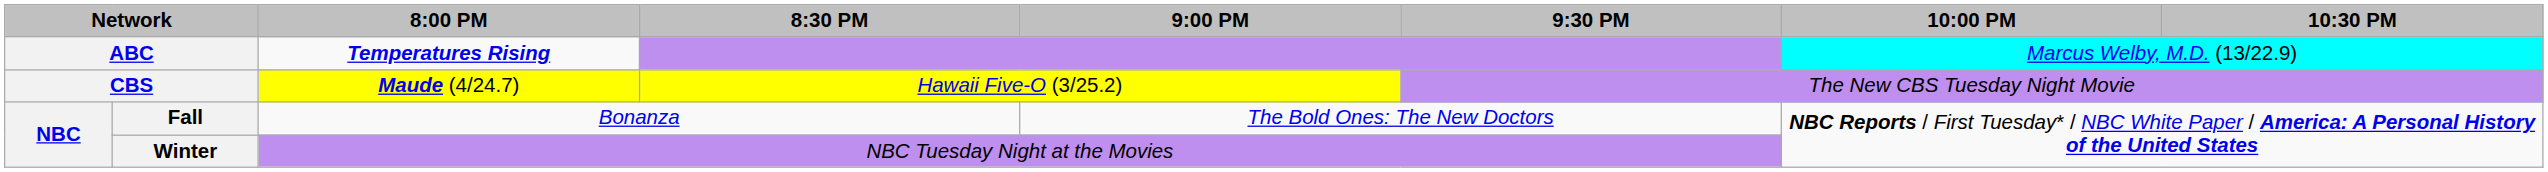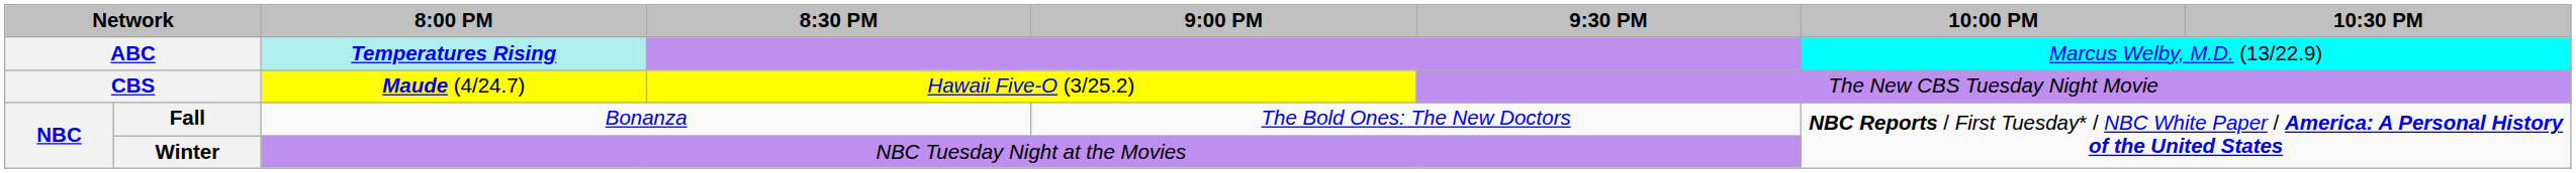 <table class="wikitable plainrowheaders" style="width:100%; margin:auto; text-align:center;">
 <tr>
 <th colspan="2" style="background-color:#C0C0C0;width:10%;">Network</th>
 <th style="background-color:#C0C0C0;width:15%;">8:00 PM</th>
 <th style="background-color:#C0C0C0;width:15%;">8:30 PM</th>
 <th style="background-color:#C0C0C0;width:15%;">9:00 PM</th>
 <th style="background-color:#C0C0C0;width:15%;">9:30 PM</th>
 <th style="background-color:#C0C0C0;width:15%;">10:00 PM</th>
 <th style="background-color:#C0C0C0;width:15%;">10:30 PM</th>
 </tr>
 <tr>
 <th colspan="2"><a href='#'>ABC</a></th>
-<td><strong><em><a href='#'>Temperatures Rising</a></em></strong></td>
+<td style="background: paleturquoise;"><strong><em><a href='#'>Temperatures Rising</a></em></strong></td>
 <td bgcolor="#bf8fef" colspan="3"></td>
 <td bgcolor="#00FFFF" colspan="2"><em><a href='#'>Marcus Welby, M.D.</a></em> (13/22.9)</td>
 </tr>
 <tr>
 <th colspan="2" bgcolor="#C0C0C0"><a href='#'>CBS</a></th>
 <td bgcolor="#FFFF00"><strong><em><a href='#'>Maude</a></em></strong> (4/24.7)</td>
 <td bgcolor="#FFFF00" colspan="2"><em><a href='#'>Hawaii Five-O</a></em> (3/25.2)</td>
 <td bgcolor="#bf8fef" colspan="3"><em>The New CBS Tuesday Night Movie</em></td>
 </tr>
 <tr>
 <th rowspan="2"><a href='#'>NBC</a></th>
 <th>Fall</th>
 <td colspan="2"><em><a href='#'>Bonanza</a></em></td>
 <td colspan="2"><em><a href='#'>The Bold Ones: The New Doctors</a></em></td>
 <td colspan="2" rowspan="2"><strong><em>NBC Reports</em></strong> / <em>First Tuesday</em>* / <em><a href='#'>NBC White Paper</a></em> / <strong><em><a href='#'>America: A Personal History of the United States</a></em></strong></td>
 </tr>
 <tr>
 <th>Winter</th>
 <td bgcolor="#bf8fef" colspan="4"><em>NBC Tuesday Night at the Movies</em></td>
 </tr>
 </table>
